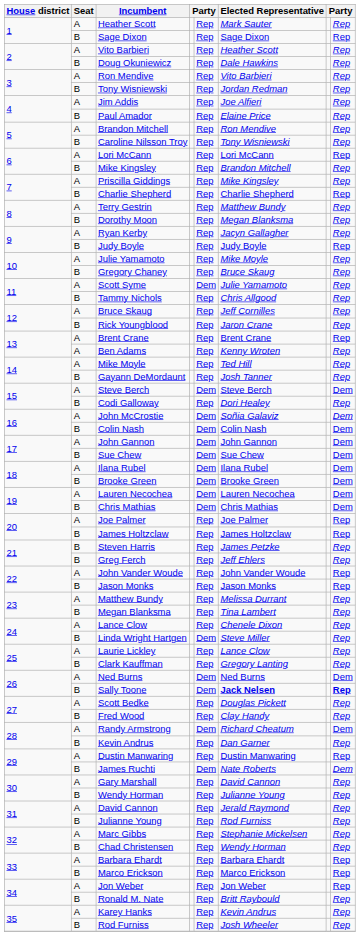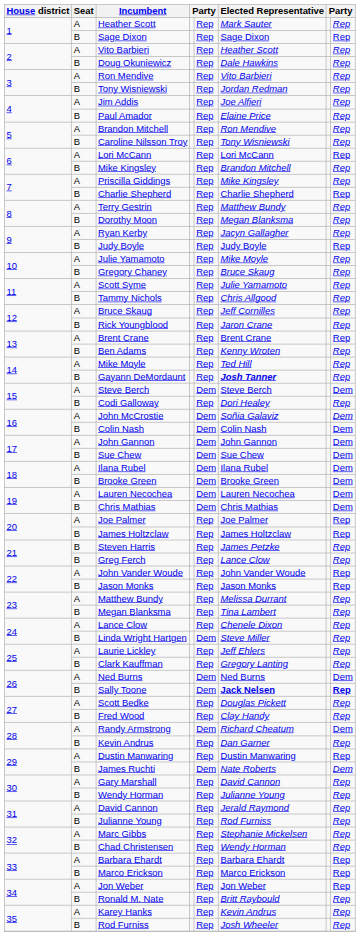 <table class="sortable wikitable" style="font-size:95%;line-height:14px;">
 <tr>
 <th colspan="1" class="sortable"><a href='#'>House</a> district</th>
 <th colspan="1" class="sortable">Seat</th>
 <th class="unsortable"><a href='#'>Incumbent</a></th>
 <th colspan="2">Party</th>
 <th class="unsortable">Elected Representative</th>
 <th colspan="2">Party</th>
 </tr>
 <tr>
 <td rowspan="2"><a href='#'>1</a></td>
 <td>A</td>
 <td><a href='#'>Heather Scott</a></td>
 <td style="background:"></td>
 <td><a href='#'>Rep</a></td>
 <td><em><a href='#'>Mark Sauter</a></em></td>
 <td style="background:"></td>
 <td><em><a href='#'>Rep</a></em></td>
 </tr>
 <tr>
 <td>B</td>
 <td><a href='#'>Sage Dixon</a></td>
 <td style="background:"></td>
 <td><a href='#'>Rep</a></td>
 <td><a href='#'>Sage Dixon</a></td>
 <td style="background:"></td>
 <td><a href='#'>Rep</a></td>
 </tr>
 <tr>
 <td rowspan="2"><a href='#'>2</a></td>
 <td>A</td>
 <td><a href='#'>Vito Barbieri</a></td>
 <td style="background:"></td>
 <td><a href='#'>Rep</a></td>
 <td><em><a href='#'>Heather Scott</a></em></td>
 <td style="background:"></td>
 <td><em><a href='#'>Rep</a></em></td>
 </tr>
 <tr>
 <td>B</td>
 <td><a href='#'>Doug Okuniewicz</a></td>
 <td style="background:"></td>
 <td><a href='#'>Rep</a></td>
 <td><em><a href='#'>Dale Hawkins</a></em></td>
 <td style="background:"></td>
 <td><em><a href='#'>Rep</a></em></td>
 </tr>
 <tr>
 <td rowspan="2"><a href='#'>3</a></td>
 <td>A</td>
 <td><a href='#'>Ron Mendive</a></td>
 <td style="background:"></td>
 <td><a href='#'>Rep</a></td>
 <td><em><a href='#'>Vito Barbieri</a></em></td>
 <td style="background:"></td>
 <td><em><a href='#'>Rep</a></em></td>
 </tr>
 <tr>
 <td>B</td>
 <td><a href='#'>Tony Wisniewski</a></td>
 <td style="background:"></td>
 <td><a href='#'>Rep</a></td>
 <td><em><a href='#'>Jordan Redman</a></em></td>
 <td style="background:"></td>
 <td><em><a href='#'>Rep</a></em></td>
 </tr>
 <tr>
 <td rowspan="2"><a href='#'>4</a></td>
 <td>A</td>
 <td><a href='#'>Jim Addis</a></td>
 <td style="background:"></td>
 <td><a href='#'>Rep</a></td>
 <td><em><a href='#'>Joe Alfieri</a></em></td>
 <td style="background:"></td>
 <td><em><a href='#'>Rep</a></em></td>
 </tr>
 <tr>
 <td>B</td>
 <td><a href='#'>Paul Amador</a></td>
 <td style="background:"></td>
 <td><a href='#'>Rep</a></td>
 <td><em><a href='#'>Elaine Price</a></em></td>
 <td style="background:"></td>
 <td><em><a href='#'>Rep</a></em></td>
 </tr>
 <tr>
 <td rowspan="2"><a href='#'>5</a></td>
 <td>A</td>
 <td><a href='#'>Brandon Mitchell</a></td>
 <td style="background:"></td>
 <td><a href='#'>Rep</a></td>
 <td><em><a href='#'>Ron Mendive</a></em></td>
 <td style="background:"></td>
 <td><em><a href='#'>Rep</a></em></td>
 </tr>
 <tr>
 <td>B</td>
 <td><a href='#'>Caroline Nilsson Troy</a></td>
 <td style="background:"></td>
 <td><a href='#'>Rep</a></td>
 <td><em><a href='#'>Tony Wisniewski</a></em></td>
 <td style="background:"></td>
 <td><em><a href='#'>Rep</a></em></td>
 </tr>
 <tr>
 <td rowspan="2"><a href='#'>6</a></td>
 <td>A</td>
 <td><a href='#'>Lori McCann</a></td>
 <td style="background:"></td>
 <td><a href='#'>Rep</a></td>
 <td><a href='#'>Lori McCann</a></td>
 <td style="background:"></td>
 <td><a href='#'>Rep</a></td>
 </tr>
 <tr>
 <td>B</td>
 <td><a href='#'>Mike Kingsley</a></td>
 <td style="background:"></td>
 <td><a href='#'>Rep</a></td>
 <td><em><a href='#'>Brandon Mitchell</a></em></td>
 <td style="background:"></td>
 <td><em><a href='#'>Rep</a></em></td>
 </tr>
 <tr>
 <td rowspan="2"><a href='#'>7</a></td>
 <td>A</td>
 <td><a href='#'>Priscilla Giddings</a></td>
 <td style="background:"></td>
 <td><a href='#'>Rep</a></td>
 <td><em><a href='#'>Mike Kingsley</a></em></td>
 <td style="background:"></td>
 <td><em><a href='#'>Rep</a></em></td>
 </tr>
 <tr>
 <td>B</td>
 <td><a href='#'>Charlie Shepherd</a></td>
 <td style="background:"></td>
 <td><a href='#'>Rep</a></td>
 <td><a href='#'>Charlie Shepherd</a></td>
 <td style="background:"></td>
 <td><a href='#'>Rep</a></td>
 </tr>
 <tr>
 <td rowspan="2"><a href='#'>8</a></td>
 <td>A</td>
 <td><a href='#'>Terry Gestrin</a></td>
 <td style="background:"></td>
 <td><a href='#'>Rep</a></td>
 <td><em><a href='#'>Matthew Bundy</a></em></td>
 <td style="background:"></td>
 <td><em><a href='#'>Rep</a></em></td>
 </tr>
 <tr>
 <td>B</td>
 <td><a href='#'>Dorothy Moon</a></td>
 <td style="background:"></td>
 <td><a href='#'>Rep</a></td>
 <td><em><a href='#'>Megan Blanksma</a></em></td>
 <td style="background:"></td>
 <td><em><a href='#'>Rep</a></em></td>
 </tr>
 <tr>
 <td rowspan="2"><a href='#'>9</a></td>
 <td>A</td>
 <td><a href='#'>Ryan Kerby</a></td>
 <td style="background:"></td>
 <td><a href='#'>Rep</a></td>
 <td><em><a href='#'>Jacyn Gallagher</a></em></td>
 <td style="background:"></td>
 <td><em><a href='#'>Rep</a></em></td>
 </tr>
 <tr>
 <td>B</td>
 <td><a href='#'>Judy Boyle</a></td>
 <td style="background:"></td>
 <td><a href='#'>Rep</a></td>
 <td><a href='#'>Judy Boyle</a></td>
 <td style="background:"></td>
 <td><a href='#'>Rep</a></td>
 </tr>
 <tr>
 <td rowspan="2"><a href='#'>10</a></td>
 <td>A</td>
 <td><a href='#'>Julie Yamamoto</a></td>
 <td style="background:"></td>
 <td><a href='#'>Rep</a></td>
 <td><em><a href='#'>Mike Moyle</a></em></td>
 <td style="background:"></td>
 <td><em><a href='#'>Rep</a></em></td>
 </tr>
 <tr>
 <td>B</td>
 <td><a href='#'>Gregory Chaney</a></td>
 <td style="background:"></td>
 <td><a href='#'>Rep</a></td>
 <td><em><a href='#'>Bruce Skaug</a></em></td>
 <td style="background:"></td>
 <td><em><a href='#'>Rep</a></em></td>
 </tr>
 <tr>
 <td rowspan="2"><a href='#'>11</a></td>
 <td>A</td>
 <td><a href='#'>Scott Syme</a></td>
 <td style="background:"></td>
-<td><a href='#'>Dem</a></td>
+<td><a href='#'>Rep</a></td>
 <td><em><a href='#'>Julie Yamamoto</a></em></td>
 <td style="background:"></td>
 <td><em><a href='#'>Rep</a></em></td>
 </tr>
 <tr>
 <td>B</td>
 <td><a href='#'>Tammy Nichols</a></td>
 <td style="background:"></td>
 <td><a href='#'>Rep</a></td>
 <td><em><a href='#'>Chris Allgood</a></em></td>
 <td style="background:"></td>
 <td><em><a href='#'>Rep</a></em></td>
 </tr>
 <tr>
 <td rowspan="2"><a href='#'>12</a></td>
 <td>A</td>
 <td><a href='#'>Bruce Skaug</a></td>
 <td style="background:"></td>
 <td><a href='#'>Rep</a></td>
 <td><em><a href='#'>Jeff Cornilles</a></em></td>
 <td style="background:"></td>
 <td><em><a href='#'>Rep</a></em></td>
 </tr>
 <tr>
 <td>B</td>
 <td><a href='#'>Rick Youngblood</a></td>
 <td style="background:"></td>
 <td><a href='#'>Rep</a></td>
 <td><em><a href='#'>Jaron Crane</a></em></td>
 <td style="background:"></td>
 <td><em><a href='#'>Rep</a></em></td>
 </tr>
 <tr>
 <td rowspan="2"><a href='#'>13</a></td>
 <td>A</td>
 <td><a href='#'>Brent Crane</a></td>
 <td style="background:"></td>
 <td><a href='#'>Rep</a></td>
 <td><a href='#'>Brent Crane</a></td>
 <td style="background:"></td>
 <td><a href='#'>Rep</a></td>
 </tr>
 <tr>
-<td>A</td>
+<td>B</td>
 <td><a href='#'>Ben Adams</a></td>
 <td style="background:"></td>
 <td><a href='#'>Rep</a></td>
 <td><em><a href='#'>Kenny Wroten</a></em></td>
 <td style="background:"></td>
 <td><em><a href='#'>Rep</a></em></td>
 </tr>
 <tr>
 <td rowspan="2"><a href='#'>14</a></td>
 <td>A</td>
 <td><a href='#'>Mike Moyle</a></td>
 <td style="background:"></td>
 <td><a href='#'>Rep</a></td>
 <td><em><a href='#'>Ted Hill</a></em></td>
 <td style="background:"></td>
 <td><em><a href='#'>Rep</a></em></td>
 </tr>
 <tr>
 <td>B</td>
 <td><a href='#'>Gayann DeMordaunt</a></td>
 <td style="background:"></td>
 <td><a href='#'>Rep</a></td>
-<td><em><a href='#'>Josh Tanner</a></em></td>
+<td><strong><em><a href='#'>Josh Tanner</a></em></strong></td>
 <td style="background:"></td>
 <td><em><a href='#'>Rep</a></em></td>
 </tr>
 <tr>
 <td rowspan="2"><a href='#'>15</a></td>
 <td>A</td>
 <td><a href='#'>Steve Berch</a></td>
 <td style="background:"></td>
 <td><a href='#'>Dem</a></td>
 <td><a href='#'>Steve Berch</a></td>
 <td style="background:"></td>
 <td><a href='#'>Dem</a></td>
 </tr>
 <tr>
 <td>B</td>
 <td><a href='#'>Codi Galloway</a></td>
 <td style="background:"></td>
 <td><a href='#'>Rep</a></td>
 <td><em><a href='#'>Dori Healey</a></em></td>
 <td style="background:"></td>
 <td><em><a href='#'>Rep</a></em></td>
 </tr>
 <tr>
 <td rowspan="2"><a href='#'>16</a></td>
 <td>A</td>
 <td><a href='#'>John McCrostie</a></td>
 <td style="background:"></td>
 <td><a href='#'>Dem</a></td>
 <td><em><a href='#'>Soñia Galaviz</a></em></td>
 <td style="background:"></td>
 <td><em><a href='#'>Dem</a></em></td>
 </tr>
 <tr>
 <td>B</td>
 <td><a href='#'>Colin Nash</a></td>
 <td style="background:"></td>
 <td><a href='#'>Dem</a></td>
 <td><a href='#'>Colin Nash</a></td>
 <td style="background:"></td>
 <td><a href='#'>Dem</a></td>
 </tr>
 <tr>
 <td rowspan="2"><a href='#'>17</a></td>
 <td>A</td>
 <td><a href='#'>John Gannon</a></td>
 <td style="background:"></td>
 <td><a href='#'>Dem</a></td>
 <td><a href='#'>John Gannon</a></td>
 <td style="background:"></td>
 <td><a href='#'>Dem</a></td>
 </tr>
 <tr>
 <td>B</td>
 <td><a href='#'>Sue Chew</a></td>
 <td style="background:"></td>
 <td><a href='#'>Dem</a></td>
 <td><a href='#'>Sue Chew</a></td>
 <td style="background:"></td>
 <td><a href='#'>Dem</a></td>
 </tr>
 <tr>
 <td rowspan="2"><a href='#'>18</a></td>
 <td>A</td>
 <td><a href='#'>Ilana Rubel</a></td>
 <td style="background:"></td>
 <td><a href='#'>Dem</a></td>
 <td><a href='#'>Ilana Rubel</a></td>
 <td style="background:"></td>
 <td><a href='#'>Dem</a></td>
 </tr>
 <tr>
 <td>B</td>
 <td><a href='#'>Brooke Green</a></td>
 <td style="background:"></td>
 <td><a href='#'>Dem</a></td>
 <td><a href='#'>Brooke Green</a></td>
 <td style="background:"></td>
 <td><a href='#'>Dem</a></td>
 </tr>
 <tr>
 <td rowspan="2"><a href='#'>19</a></td>
 <td>A</td>
 <td><a href='#'>Lauren Necochea</a></td>
 <td style="background:"></td>
 <td><a href='#'>Dem</a></td>
 <td><a href='#'>Lauren Necochea</a></td>
 <td style="background:"></td>
 <td><a href='#'>Dem</a></td>
 </tr>
 <tr>
 <td>B</td>
 <td><a href='#'>Chris Mathias</a></td>
 <td style="background:"></td>
 <td><a href='#'>Dem</a></td>
 <td><a href='#'>Chris Mathias</a></td>
 <td style="background:"></td>
 <td><a href='#'>Dem</a></td>
 </tr>
 <tr>
 <td rowspan="2"><a href='#'>20</a></td>
 <td>A</td>
 <td><a href='#'>Joe Palmer</a></td>
 <td style="background:"></td>
 <td><a href='#'>Rep</a></td>
 <td><a href='#'>Joe Palmer</a></td>
 <td style="background:"></td>
 <td><a href='#'>Rep</a></td>
 </tr>
 <tr>
 <td>B</td>
 <td><a href='#'>James Holtzclaw</a></td>
 <td style="background:"></td>
 <td><a href='#'>Rep</a></td>
 <td><a href='#'>James Holtzclaw</a></td>
 <td style="background:"></td>
 <td><a href='#'>Rep</a></td>
 </tr>
 <tr>
 <td rowspan="2"><a href='#'>21</a></td>
 <td>B</td>
 <td><a href='#'>Steven Harris</a></td>
 <td style="background:"></td>
 <td><a href='#'>Rep</a></td>
 <td><em><a href='#'>James Petzke</a></em></td>
 <td style="background:"></td>
 <td><em><a href='#'>Rep</a></em></td>
 </tr>
 <tr>
 <td>B</td>
 <td><a href='#'>Greg Ferch</a></td>
 <td style="background:"></td>
 <td><a href='#'>Rep</a></td>
-<td><em><a href='#'>Jeff Ehlers</a></em></td>
+<td><em><a href='#'>Lance Clow</a></em></td>
 <td style="background:"></td>
 <td><em><a href='#'>Rep</a></em></td>
 </tr>
 <tr>
 <td rowspan="2"><a href='#'>22</a></td>
 <td>A</td>
 <td><a href='#'>John Vander Woude</a></td>
 <td style="background:"></td>
 <td><a href='#'>Rep</a></td>
 <td><a href='#'>John Vander Woude</a></td>
 <td style="background:"></td>
 <td><a href='#'>Rep</a></td>
 </tr>
 <tr>
 <td>B</td>
 <td><a href='#'>Jason Monks</a></td>
 <td style="background:"></td>
 <td><a href='#'>Rep</a></td>
 <td><a href='#'>Jason Monks</a></td>
 <td style="background:"></td>
 <td><a href='#'>Rep</a></td>
 </tr>
 <tr>
 <td rowspan="2"><a href='#'>23</a></td>
 <td>A</td>
 <td><a href='#'>Matthew Bundy</a></td>
 <td style="background:"></td>
 <td><a href='#'>Rep</a></td>
 <td><em><a href='#'>Melissa Durrant</a></em></td>
 <td style="background:"></td>
 <td><em><a href='#'>Rep</a></em></td>
 </tr>
 <tr>
 <td>B</td>
 <td><a href='#'>Megan Blanksma</a></td>
 <td style="background:"></td>
 <td><a href='#'>Rep</a></td>
 <td><em><a href='#'>Tina Lambert</a></em></td>
 <td style="background:"></td>
 <td><em><a href='#'>Rep</a></em></td>
 </tr>
 <tr>
 <td rowspan="2"><a href='#'>24</a></td>
 <td>A</td>
 <td><a href='#'>Lance Clow</a></td>
 <td style="background:"></td>
 <td><a href='#'>Rep</a></td>
 <td><em><a href='#'>Chenele Dixon</a></em></td>
 <td style="background:"></td>
 <td><em><a href='#'>Rep</a></em></td>
 </tr>
 <tr>
 <td>B</td>
 <td><a href='#'>Linda Wright Hartgen</a></td>
 <td style="background:"></td>
 <td><a href='#'>Dem</a></td>
 <td><em><a href='#'>Steve Miller</a></em></td>
 <td style="background:"></td>
 <td><em><a href='#'>Rep</a></em></td>
 </tr>
 <tr>
 <td rowspan="2"><a href='#'>25</a></td>
 <td>A</td>
 <td><a href='#'>Laurie Lickley</a></td>
 <td style="background:"></td>
 <td><a href='#'>Rep</a></td>
-<td><em><a href='#'>Lance Clow</a></em></td>
+<td><em><a href='#'>Jeff Ehlers</a></em></td>
 <td style="background:"></td>
 <td><em><a href='#'>Rep</a></em></td>
 </tr>
 <tr>
 <td>B</td>
 <td><a href='#'>Clark Kauffman</a></td>
 <td style="background:"></td>
 <td><a href='#'>Rep</a></td>
 <td><em><a href='#'>Gregory Lanting</a></em></td>
 <td style="background:"></td>
 <td><em><a href='#'>Rep</a></em></td>
 </tr>
 <tr>
 <td rowspan="2"><a href='#'>26</a></td>
 <td>A</td>
 <td><a href='#'>Ned Burns</a></td>
 <td style="background:"></td>
 <td><a href='#'>Dem</a></td>
 <td><a href='#'>Ned Burns</a></td>
 <td style="background:"></td>
 <td><a href='#'>Dem</a></td>
 </tr>
 <tr>
 <td>B</td>
 <td><a href='#'>Sally Toone</a></td>
 <td style="background:"></td>
 <td><a href='#'>Dem</a></td>
 <td><strong><a href='#'>Jack Nelsen</a></strong></td>
 <td style="background:"></td>
 <td><strong><a href='#'>Rep</a></strong></td>
 </tr>
 <tr>
 <td rowspan="2"><a href='#'>27</a></td>
 <td>A</td>
 <td><a href='#'>Scott Bedke</a></td>
 <td style="background:"></td>
 <td><a href='#'>Rep</a></td>
 <td><em><a href='#'>Douglas Pickett</a></em></td>
 <td style="background:"></td>
 <td><em><a href='#'>Rep</a></em></td>
 </tr>
 <tr>
 <td>B</td>
 <td><a href='#'>Fred Wood</a></td>
 <td style="background:"></td>
 <td><a href='#'>Rep</a></td>
 <td><em><a href='#'>Clay Handy</a></em></td>
 <td style="background:"></td>
 <td><em><a href='#'>Rep</a></em></td>
 </tr>
 <tr>
 <td rowspan="2"><a href='#'>28</a></td>
 <td>A</td>
 <td><a href='#'>Randy Armstrong</a></td>
 <td style="background:"></td>
 <td><a href='#'>Dem</a></td>
 <td><em><a href='#'>Richard Cheatum</a></em></td>
 <td style="background:"></td>
 <td><a href='#'>Dem</a></td>
 </tr>
 <tr>
 <td>B</td>
 <td><a href='#'>Kevin Andrus</a></td>
 <td style="background:"></td>
 <td><a href='#'>Rep</a></td>
 <td><em><a href='#'>Dan Garner</a></em></td>
 <td style="background:"></td>
 <td><em><a href='#'>Rep</a></em></td>
 </tr>
 <tr>
 <td rowspan="2"><a href='#'>29</a></td>
 <td>A</td>
 <td><a href='#'>Dustin Manwaring</a></td>
 <td style="background:"></td>
 <td><a href='#'>Rep</a></td>
 <td><a href='#'>Dustin Manwaring</a></td>
 <td style="background:"></td>
 <td><a href='#'>Rep</a></td>
 </tr>
 <tr>
 <td>B</td>
 <td><a href='#'>James Ruchti</a></td>
 <td style="background:"></td>
 <td><a href='#'>Dem</a></td>
 <td><em><a href='#'>Nate Roberts</a></em></td>
 <td style="background:"></td>
 <td><em><a href='#'>Dem</a></em></td>
 </tr>
 <tr>
 <td rowspan="2"><a href='#'>30</a></td>
 <td>A</td>
 <td><a href='#'>Gary Marshall</a></td>
 <td style="background:"></td>
 <td><a href='#'>Rep</a></td>
 <td><em><a href='#'>David Cannon</a></em></td>
 <td style="background:"></td>
 <td><em><a href='#'>Rep</a></em></td>
 </tr>
 <tr>
 <td>B</td>
 <td><a href='#'>Wendy Horman</a></td>
 <td style="background:"></td>
 <td><a href='#'>Rep</a></td>
 <td><em><a href='#'>Julianne Young</a></em></td>
 <td style="background:"></td>
 <td><em><a href='#'>Rep</a></em></td>
 </tr>
 <tr>
 <td rowspan="2"><a href='#'>31</a></td>
 <td>A</td>
 <td><a href='#'>David Cannon</a></td>
 <td style="background:"></td>
 <td><a href='#'>Rep</a></td>
 <td><em><a href='#'>Jerald Raymond</a></em></td>
 <td style="background:"></td>
 <td><em><a href='#'>Rep</a></em></td>
 </tr>
 <tr>
 <td>B</td>
 <td><a href='#'>Julianne Young</a></td>
 <td style="background:"></td>
 <td><a href='#'>Rep</a></td>
 <td><em><a href='#'>Rod Furniss</a></em></td>
 <td style="background:"></td>
 <td><em><a href='#'>Rep</a></em></td>
 </tr>
 <tr>
 <td rowspan="2"><a href='#'>32</a></td>
 <td>A</td>
 <td><a href='#'>Marc Gibbs</a></td>
 <td style="background:"></td>
 <td><a href='#'>Rep</a></td>
 <td><em><a href='#'>Stephanie Mickelsen</a></em></td>
 <td style="background:"></td>
 <td><em><a href='#'>Rep</a></em></td>
 </tr>
 <tr>
 <td>B</td>
 <td><a href='#'>Chad Christensen</a></td>
 <td style="background:"></td>
 <td><a href='#'>Rep</a></td>
 <td><em><a href='#'>Wendy Horman</a></em></td>
 <td style="background:"></td>
 <td><em><a href='#'>Rep</a></em></td>
 </tr>
 <tr>
 <td rowspan="2"><a href='#'>33</a></td>
 <td>A</td>
 <td><a href='#'>Barbara Ehardt</a></td>
 <td style="background:"></td>
 <td><a href='#'>Rep</a></td>
 <td><a href='#'>Barbara Ehardt</a></td>
 <td style="background:"></td>
 <td><a href='#'>Rep</a></td>
 </tr>
 <tr>
 <td>B</td>
 <td><a href='#'>Marco Erickson</a></td>
 <td style="background:"></td>
 <td><a href='#'>Rep</a></td>
 <td><a href='#'>Marco Erickson</a></td>
 <td style="background:"></td>
 <td><a href='#'>Rep</a></td>
 </tr>
 <tr>
 <td rowspan="2"><a href='#'>34</a></td>
 <td>A</td>
 <td><a href='#'>Jon Weber</a></td>
 <td style="background:"></td>
 <td><a href='#'>Rep</a></td>
 <td><a href='#'>Jon Weber</a></td>
 <td style="background:"></td>
 <td><a href='#'>Rep</a></td>
 </tr>
 <tr>
 <td>B</td>
 <td><a href='#'>Ronald M. Nate</a></td>
 <td style="background:"></td>
 <td><a href='#'>Rep</a></td>
 <td><em><a href='#'>Britt Raybould</a></em></td>
 <td style="background:"></td>
 <td><em><a href='#'>Rep</a></em></td>
 </tr>
 <tr>
 <td rowspan="2"><a href='#'>35</a></td>
 <td>A</td>
 <td><a href='#'>Karey Hanks</a></td>
 <td style="background:"></td>
 <td><a href='#'>Rep</a></td>
 <td><em><a href='#'>Kevin Andrus</a></em></td>
 <td style="background:"></td>
 <td><em><a href='#'>Rep</a></em></td>
 </tr>
 <tr>
 <td>B</td>
 <td><a href='#'>Rod Furniss</a></td>
 <td style="background:"></td>
 <td><a href='#'>Rep</a></td>
 <td><em><a href='#'>Josh Wheeler</a></em></td>
 <td style="background:"></td>
 <td><em><a href='#'>Rep</a></em></td>
 </tr>
 <tr>
 </tr>
 </table>
